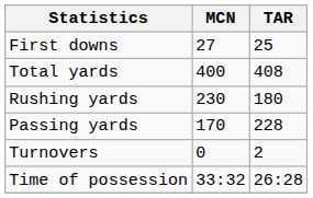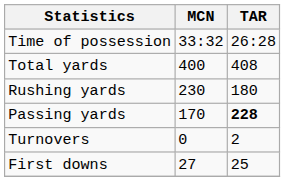 <table class="wikitable" style="float: left;">
 <tr>
 <th>Statistics</th>
 <th>MCN</th>
 <th>TAR</th>
 </tr>
 <tr>
-<td>First downs</td>
-<td>27</td>
-<td>25</td>
+<td>Time of possession</td>
+<td>33:32</td>
+<td>26:28</td>
 </tr>
 <tr>
 <td>Total yards</td>
 <td>400</td>
 <td>408</td>
 </tr>
 <tr>
 <td>Rushing yards</td>
 <td>230</td>
 <td>180</td>
 </tr>
 <tr>
 <td>Passing yards</td>
 <td>170</td>
-<td>228</td>
+<td><strong>228</strong></td>
 </tr>
 <tr>
 <td>Turnovers</td>
 <td>0</td>
 <td>2</td>
 </tr>
 <tr>
-<td>Time of possession</td>
-<td>33:32</td>
-<td>26:28</td>
+<td>First downs</td>
+<td>27</td>
+<td>25</td>
 </tr>
 <tr>
 </tr>
 </table>
